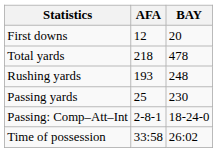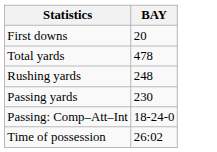 <table class="wikitable" style="float: left;">
 <tr>
 <th>Statistics</th>
-<th>AFA</th>
 <th>BAY</th>
 </tr>
 <tr>
 <td>First downs</td>
-<td>12</td>
 <td>20</td>
 </tr>
 <tr>
 <td>Total yards</td>
-<td>218</td>
 <td>478</td>
 </tr>
 <tr>
 <td>Rushing yards</td>
-<td>193</td>
 <td>248</td>
 </tr>
 <tr>
 <td>Passing yards</td>
-<td>25</td>
 <td>230</td>
 </tr>
 <tr>
 <td>Passing: Comp–Att–Int</td>
-<td>2-8-1</td>
 <td>18-24-0</td>
 </tr>
 <tr>
 <td>Time of possession</td>
-<td>33:58</td>
 <td>26:02</td>
 </tr>
 </table>
